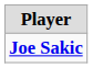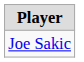 <table class="wikitable">
 <tr align="center"  bgcolor="#dddddd">
 <td><strong>Player</strong></td>
 </tr>
 <tr>
-<td><strong><a href='#'>Joe Sakic</a></strong></td>
+<td><a href='#'>Joe Sakic</a></td>
 </tr>
 </table>
